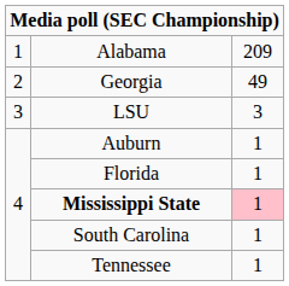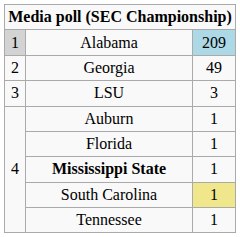 <table class="wikitable">
 <tr align="center">
 <td align="center" Colspan="3"><strong>Media poll (SEC Championship)</strong></td>
 </tr>
 <tr align="center">
 </tr>
 <tr align="center">
-<td>1</td>
+<td style="background: lightgrey;">1</td>
 <td>Alabama</td>
-<td>209</td>
+<td style="background: lightblue;">209</td>
 </tr>
 <tr align="center">
 <td>2</td>
 <td>Georgia</td>
 <td>49</td>
 </tr>
 <tr align="center">
 <td>3</td>
 <td>LSU</td>
 <td>3</td>
 </tr>
 <tr align="center">
 <td rowspan="5">4</td>
 <td>Auburn</td>
 <td>1</td>
 </tr>
 <tr align="center">
 <td>Florida</td>
 <td>1</td>
 </tr>
 <tr align="center">
 <td><strong>Mississippi State</strong></td>
-<td style="background: pink;">1</td>
+<td>1</td>
 </tr>
 <tr align="center">
 <td>South Carolina</td>
-<td>1</td>
+<td style="background: khaki;">1</td>
 </tr>
 <tr align="center">
 <td>Tennessee</td>
 <td>1</td>
 </tr>
 </table>
